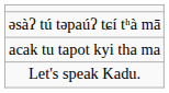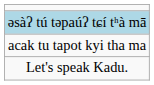 <table class="wikitable" style="text-align:center">
 <tr>
 <td></td>
 </tr>
 <tr>
-<td>əsàʔ tú təpaúʔ tɕí tʰà mā</td>
+<td style="background: lightblue;">əsàʔ tú təpaúʔ tɕí tʰà mā</td>
 </tr>
 <tr>
 <td>acak tu tapot kyi tha ma</td>
 </tr>
 <tr>
 <td>Let's speak Kadu.</td>
 </tr>
 </table>
